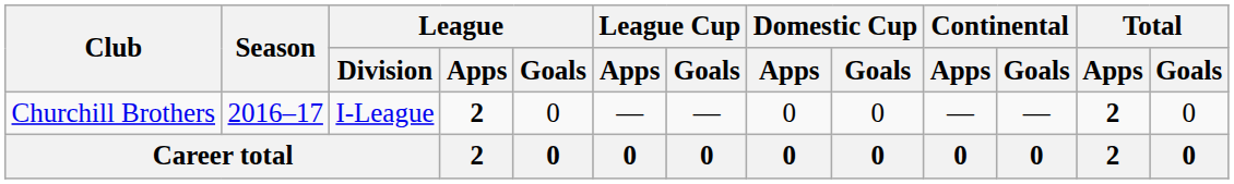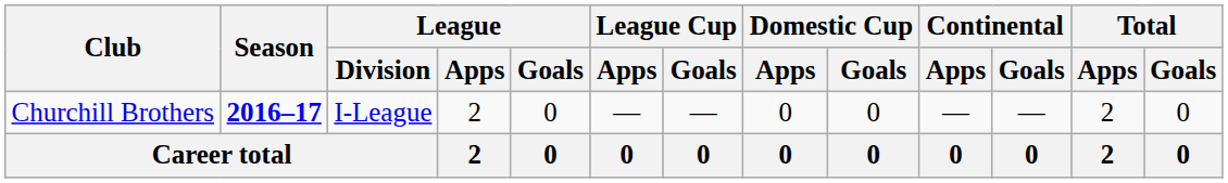 <table class="wikitable" style="text-align: center;">
 <tr>
 <th rowspan="2">Club</th>
 <th rowspan="2">Season</th>
 <th colspan="3">League</th>
 <th colspan="2">League Cup</th>
 <th colspan="2">Domestic Cup</th>
 <th colspan="2">Continental</th>
 <th colspan="2">Total</th>
 </tr>
 <tr>
 <th>Division</th>
 <th>Apps</th>
 <th>Goals</th>
 <th>Apps</th>
 <th>Goals</th>
 <th>Apps</th>
 <th>Goals</th>
 <th>Apps</th>
 <th>Goals</th>
 <th>Apps</th>
 <th>Goals</th>
 </tr>
 <tr>
 <td rowspan="1"><a href='#'>Churchill Brothers</a></td>
-<td><a href='#'>2016–17</a></td>
+<td><strong><a href='#'>2016–17</a></strong></td>
 <td><a href='#'>I-League</a></td>
-<td><strong>2</strong></td>
+<td>2</td>
 <td>0</td>
 <td>—</td>
 <td>—</td>
 <td>0</td>
 <td>0</td>
 <td>—</td>
 <td>—</td>
-<td><strong>2</strong></td>
+<td>2</td>
 <td>0</td>
 </tr>
 <tr>
 <th colspan="3">Career total</th>
 <th>2</th>
 <th>0</th>
 <th>0</th>
 <th>0</th>
 <th>0</th>
 <th>0</th>
 <th>0</th>
 <th>0</th>
 <th>2</th>
 <th>0</th>
 </tr>
 </table>
